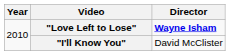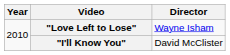 <table class="wikitable plainrowheaders">
 <tr>
 <th>Year</th>
 <th style="width:12em;">Video</th>
 <th>Director</th>
 </tr>
 <tr>
 <td rowspan="2">2010</td>
 <th scope="row">"Love Left to Lose"</th>
-<td><strong><a href='#'>Wayne Isham</a></strong></td>
+<td><a href='#'>Wayne Isham</a></td>
 </tr>
 <tr>
 <th scope="row">"I'll Know You"</th>
 <td>David McClister</td>
 </tr>
 </table>
